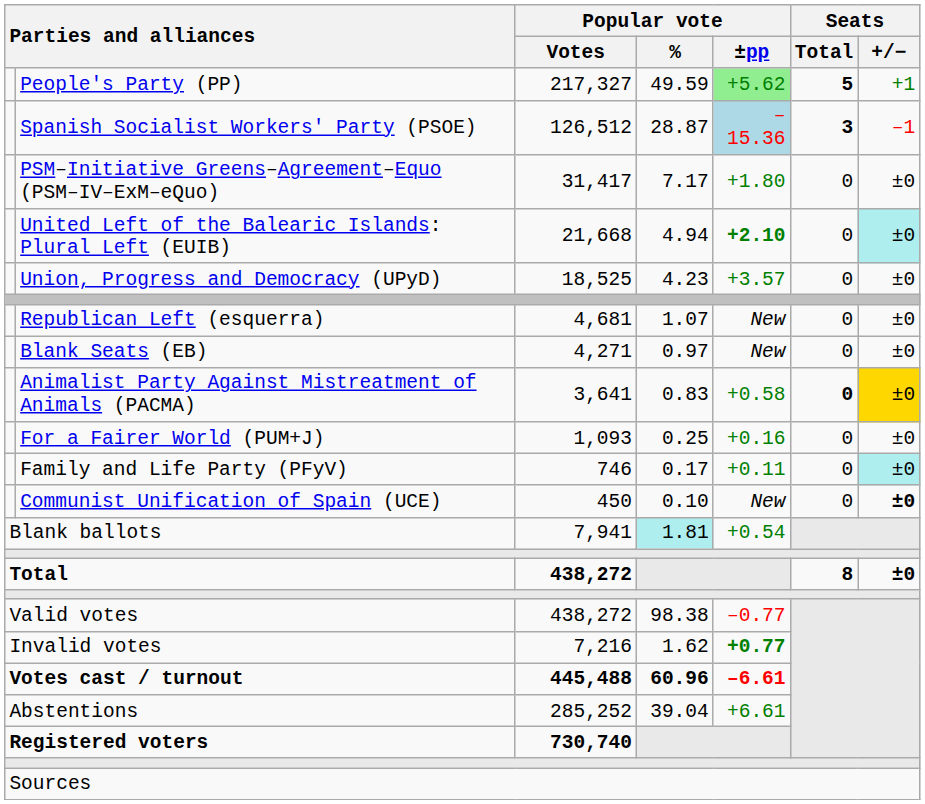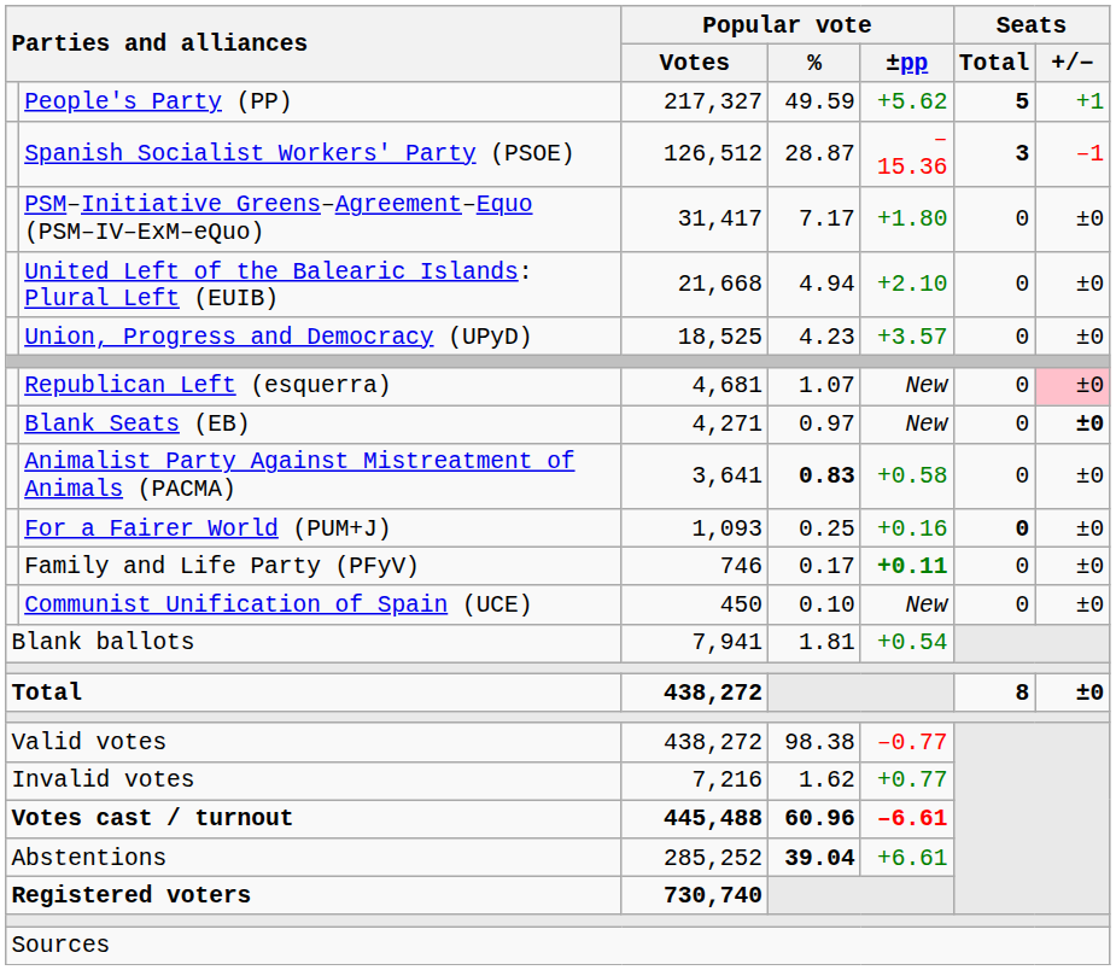 <table class="wikitable" style="text-align:right;">
 <tr>
 <th style="text-align:left;" rowspan="2" colspan="2" width="525">Parties and alliances</th>
 <th colspan="3">Popular vote</th>
 <th colspan="2">Seats</th>
 </tr>
 <tr>
 <th width="75">Votes</th>
 <th width="45">%</th>
 <th width="45">±<a href='#'>pp</a></th>
 <th width="35">Total</th>
 <th width="35">+/−</th>
 </tr>
 <tr>
 <td width="1" style="color:inherit;background:"></td>
 <td align="left"><a href='#'>People's Party</a> (PP)</td>
 <td>217,327</td>
 <td>49.59</td>
-<td style="background: lightgreen; color:green;">+5.62</td>
+<td style="color:green;">+5.62</td>
 <td><strong>5</strong></td>
 <td style="color:green;">+1</td>
 </tr>
 <tr>
 <td style="color:inherit;background:"></td>
 <td align="left"><a href='#'>Spanish Socialist Workers' Party</a> (PSOE)</td>
 <td>126,512</td>
 <td>28.87</td>
-<td style="background: lightblue; color:red;">–15.36</td>
+<td style="color:red;">–15.36</td>
 <td><strong>3</strong></td>
 <td style="color:red;">–1</td>
 </tr>
 <tr>
 <td style="color:inherit;background:"></td>
 <td align="left"><a href='#'>PSM</a>–<a href='#'>Initiative Greens</a>–<a href='#'>Agreement</a>–<a href='#'>Equo</a> (PSM–IV–ExM–eQuo)</td>
 <td>31,417</td>
 <td>7.17</td>
 <td style="color:green;">+1.80</td>
 <td>0</td>
 <td>±0</td>
 </tr>
 <tr>
 <td style="color:inherit;background:"></td>
 <td align="left"><a href='#'>United Left of the Balearic Islands</a>: <a href='#'>Plural Left</a> (EUIB)</td>
 <td>21,668</td>
 <td>4.94</td>
-<td style="color:green;"><strong>+2.10</strong></td>
+<td style="color:green;">+2.10</td>
 <td>0</td>
-<td style="background: paleturquoise;">±0</td>
+<td>±0</td>
 </tr>
 <tr>
 <td style="color:inherit;background:"></td>
 <td align="left"><a href='#'>Union, Progress and Democracy</a> (UPyD)</td>
 <td>18,525</td>
 <td>4.23</td>
 <td style="color:green;">+3.57</td>
 <td>0</td>
 <td>±0</td>
 </tr>
 <tr>
 <td colspan="7" bgcolor="#C0C0C0"></td>
 </tr>
 <tr>
 <td style="color:inherit;background:"></td>
 <td align="left"><a href='#'>Republican Left</a> (esquerra)</td>
 <td>4,681</td>
 <td>1.07</td>
 <td><em>New</em></td>
 <td>0</td>
-<td>±0</td>
+<td style="background: pink;">±0</td>
 </tr>
 <tr>
 <td style="color:inherit;background:"></td>
 <td align="left"><a href='#'>Blank Seats</a> (EB)</td>
 <td>4,271</td>
 <td>0.97</td>
 <td><em>New</em></td>
 <td>0</td>
-<td>±0</td>
+<td><strong>±0</strong></td>
 </tr>
 <tr>
 <td style="color:inherit;background:"></td>
 <td align="left"><a href='#'>Animalist Party Against Mistreatment of Animals</a> (PACMA)</td>
 <td>3,641</td>
-<td>0.83</td>
+<td><strong>0.83</strong></td>
 <td style="color:green;">+0.58</td>
-<td><strong>0</strong></td>
-<td style="background: gold;">±0</td>
+<td>0</td>
+<td>±0</td>
 </tr>
 <tr>
 <td style="color:inherit;background:"></td>
 <td align="left"><a href='#'>For a Fairer World</a> (PUM+J)</td>
 <td>1,093</td>
 <td>0.25</td>
 <td style="color:green;">+0.16</td>
-<td>0</td>
+<td><strong>0</strong></td>
 <td>±0</td>
 </tr>
 <tr>
 <td style="color:inherit;background:"></td>
 <td align="left">Family and Life Party (PFyV)</td>
 <td>746</td>
 <td>0.17</td>
-<td style="color:green;">+0.11</td>
+<td style="color:green;"><strong>+0.11</strong></td>
 <td>0</td>
-<td style="background: paleturquoise;">±0</td>
+<td>±0</td>
 </tr>
 <tr>
 <td style="color:inherit;background:"></td>
 <td align="left"><a href='#'>Communist Unification of Spain</a> (UCE)</td>
 <td>450</td>
 <td>0.10</td>
 <td><em>New</em></td>
 <td>0</td>
-<td><strong>±0</strong></td>
+<td>±0</td>
 </tr>
 <tr>
 <td align="left" colspan="2">Blank ballots</td>
 <td>7,941</td>
-<td style="background: paleturquoise;">1.81</td>
+<td>1.81</td>
 <td style="color:green;">+0.54</td>
 <td bgcolor="#E9E9E9" colspan="2"></td>
 </tr>
 <tr>
 <td colspan="7" bgcolor="#E9E9E9"></td>
 </tr>
 <tr style="font-weight:bold;">
 <td align="left" colspan="2">Total</td>
 <td>438,272</td>
 <td bgcolor="#E9E9E9" colspan="2"></td>
 <td>8</td>
 <td>±0</td>
 </tr>
 <tr>
 <td colspan="7" bgcolor="#E9E9E9"></td>
 </tr>
 <tr>
 <td align="left" colspan="2">Valid votes</td>
 <td>438,272</td>
 <td>98.38</td>
 <td style="color:red;">–0.77</td>
 <td bgcolor="#E9E9E9" colspan="2" rowspan="5"></td>
 </tr>
 <tr>
 <td align="left" colspan="2">Invalid votes</td>
 <td>7,216</td>
 <td>1.62</td>
-<td style="color:green;"><strong>+0.77</strong></td>
+<td style="color:green;">+0.77</td>
 </tr>
 <tr style="font-weight:bold;">
 <td align="left" colspan="2">Votes cast / turnout</td>
 <td>445,488</td>
 <td>60.96</td>
 <td style="color:red;">–6.61</td>
 </tr>
 <tr>
 <td align="left" colspan="2">Abstentions</td>
 <td>285,252</td>
-<td>39.04</td>
+<td><strong>39.04</strong></td>
 <td style="color:green;">+6.61</td>
 </tr>
 <tr style="font-weight:bold;">
 <td align="left" colspan="2">Registered voters</td>
 <td>730,740</td>
 <td bgcolor="#E9E9E9" colspan="2"></td>
 </tr>
 <tr>
 <td colspan="7" bgcolor="#E9E9E9"></td>
 </tr>
 <tr>
 <td align="left" colspan="7">Sources</td>
 </tr>
 </table>
